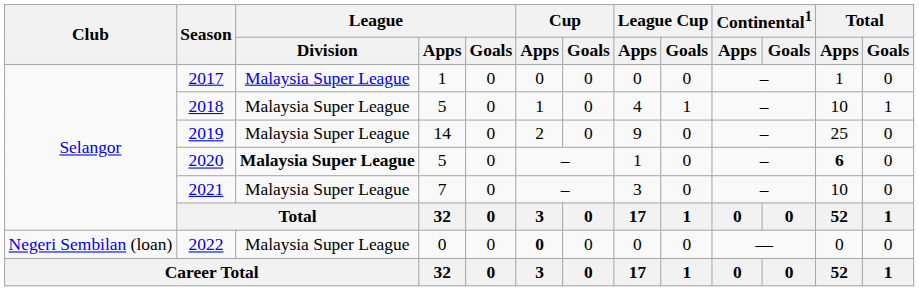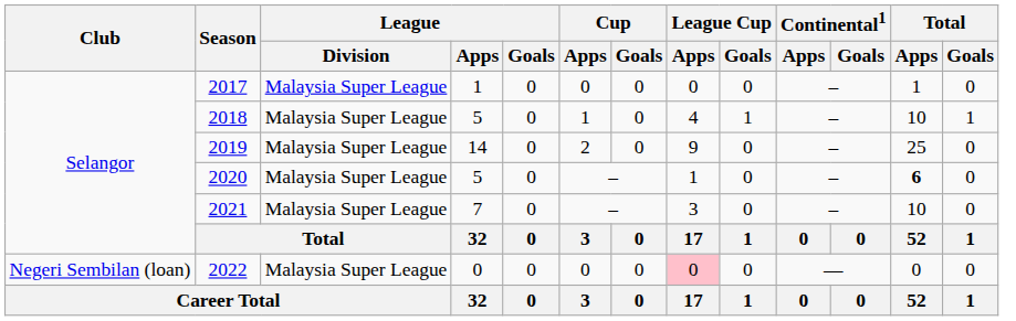 <table class=wikitable style="text-align:center">
 <tr>
 <th rowspan=2>Club</th>
 <th rowspan=2>Season</th>
 <th colspan=3>League</th>
 <th colspan=2>Cup</th>
 <th colspan=2>League Cup</th>
 <th colspan=2>Continental<sup>1</sup></th>
 <th colspan=2>Total</th>
 </tr>
 <tr>
 <th>Division</th>
 <th>Apps</th>
 <th>Goals</th>
 <th>Apps</th>
 <th>Goals</th>
 <th>Apps</th>
 <th>Goals</th>
 <th>Apps</th>
 <th>Goals</th>
 <th>Apps</th>
 <th>Goals</th>
 </tr>
 <tr>
 <td rowspan=6><a href='#'>Selangor</a></td>
 <td><a href='#'>2017</a></td>
 <td><a href='#'>Malaysia Super League</a></td>
 <td>1</td>
 <td>0</td>
 <td>0</td>
 <td>0</td>
 <td>0</td>
 <td>0</td>
 <td colspan=2>–</td>
 <td>1</td>
 <td>0</td>
 </tr>
 <tr>
 <td><a href='#'>2018</a></td>
 <td>Malaysia Super League</td>
 <td>5</td>
 <td>0</td>
 <td>1</td>
 <td>0</td>
 <td>4</td>
 <td>1</td>
 <td colspan=2>–</td>
 <td>10</td>
 <td>1</td>
 </tr>
 <tr>
 <td><a href='#'>2019</a></td>
 <td>Malaysia Super League</td>
 <td>14</td>
 <td>0</td>
 <td>2</td>
 <td>0</td>
 <td>9</td>
 <td>0</td>
 <td colspan=2>–</td>
 <td>25</td>
 <td>0</td>
 </tr>
 <tr>
 <td><a href='#'>2020</a></td>
-<td><strong>Malaysia Super League</strong></td>
+<td>Malaysia Super League</td>
 <td>5</td>
 <td>0</td>
 <td colspan=2>–</td>
 <td>1</td>
 <td>0</td>
 <td colspan=2>–</td>
 <td><strong>6</strong></td>
 <td>0</td>
 </tr>
 <tr>
 <td><a href='#'>2021</a></td>
 <td>Malaysia Super League</td>
 <td>7</td>
 <td>0</td>
 <td colspan=2>–</td>
 <td>3</td>
 <td>0</td>
 <td colspan=2>–</td>
 <td>10</td>
 <td>0</td>
 </tr>
 <tr>
 <th colspan="2">Total</th>
 <th>32</th>
 <th>0</th>
 <th>3</th>
 <th>0</th>
 <th>17</th>
 <th>1</th>
 <th>0</th>
 <th>0</th>
 <th>52</th>
 <th>1</th>
 </tr>
 <tr>
 <td rowspan="1"><a href='#'>Negeri Sembilan</a> (loan)</td>
 <td><a href='#'>2022</a></td>
 <td>Malaysia Super League</td>
 <td>0</td>
 <td>0</td>
-<td><strong>0</strong></td>
 <td>0</td>
 <td>0</td>
+<td style="background: pink;">0</td>
 <td>0</td>
 <td colspan="2">—</td>
 <td>0</td>
 <td>0</td>
 </tr>
 <tr>
 <th colspan="3">Career Total</th>
 <th>32</th>
 <th>0</th>
 <th>3</th>
 <th>0</th>
 <th>17</th>
 <th>1</th>
 <th>0</th>
 <th>0</th>
 <th>52</th>
 <th>1</th>
 </tr>
 </table>
